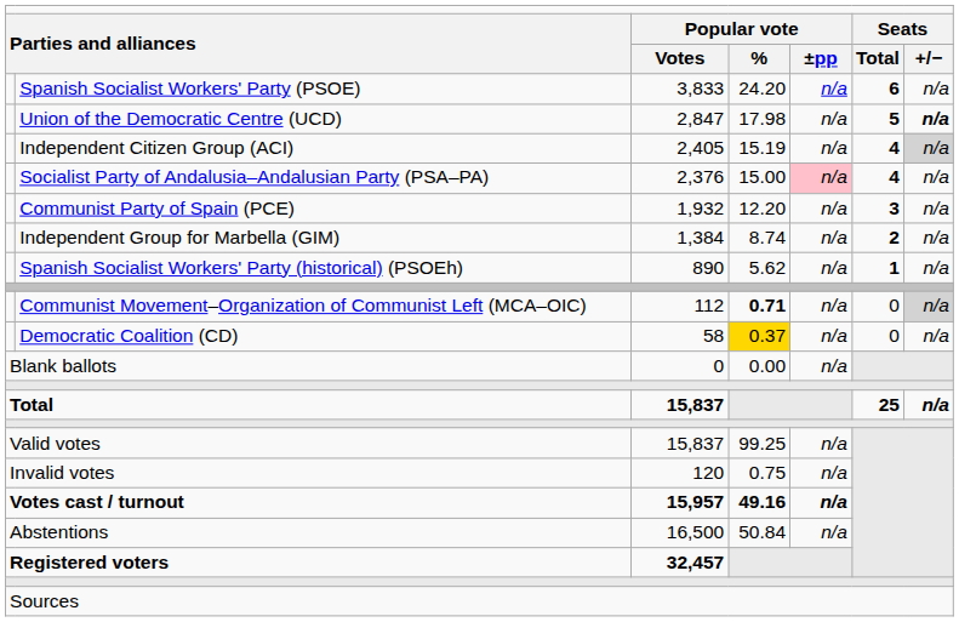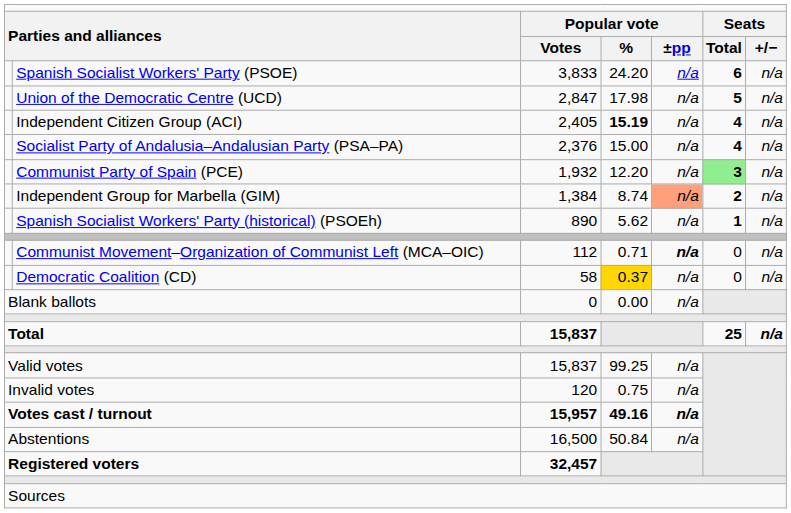 <table class="wikitable" style="text-align:right;">
 <tr>
 <td colspan="7"></td>
 </tr>
 <tr>
 <th style="text-align:left;" rowspan="2" colspan="2" width="525">Parties and alliances</th>
 <th colspan="3">Popular vote</th>
 <th colspan="2">Seats</th>
 </tr>
 <tr>
 <th width="75">Votes</th>
 <th width="45">%</th>
 <th width="45">±<a href='#'>pp</a></th>
 <th width="35">Total</th>
 <th width="35">+/−</th>
 </tr>
 <tr>
 <td width="1" style="color:inherit;background:"></td>
 <td align="left"><a href='#'>Spanish Socialist Workers' Party</a> (PSOE)</td>
 <td>3,833</td>
 <td>24.20</td>
 <td><em><a href='#'>n/a</a></em></td>
 <td><strong>6</strong></td>
 <td><em>n/a</em></td>
 </tr>
 <tr>
 <td style="color:inherit;background:"></td>
 <td align="left"><a href='#'>Union of the Democratic Centre</a> (UCD)</td>
 <td>2,847</td>
 <td>17.98</td>
 <td><em>n/a</em></td>
 <td><strong>5</strong></td>
-<td><strong><em>n/a</em></strong></td>
+<td><em>n/a</em></td>
 </tr>
 <tr>
 <td style="color:inherit;background:"></td>
 <td align="left">Independent Citizen Group (ACI)</td>
 <td>2,405</td>
-<td>15.19</td>
+<td><strong>15.19</strong></td>
 <td><em>n/a</em></td>
 <td><strong>4</strong></td>
-<td style="background: lightgrey;"><em>n/a</em></td>
+<td><em>n/a</em></td>
 </tr>
 <tr>
 <td style="color:inherit;background:"></td>
 <td align="left"><a href='#'>Socialist Party of Andalusia–Andalusian Party</a> (PSA–PA)</td>
 <td>2,376</td>
 <td>15.00</td>
-<td style="background: pink;"><em>n/a</em></td>
+<td><em>n/a</em></td>
 <td><strong>4</strong></td>
 <td><em>n/a</em></td>
 </tr>
 <tr>
 <td style="color:inherit;background:"></td>
 <td align="left"><a href='#'>Communist Party of Spain</a> (PCE)</td>
 <td>1,932</td>
 <td>12.20</td>
 <td><em>n/a</em></td>
-<td><strong>3</strong></td>
+<td style="background: lightgreen;"><strong>3</strong></td>
 <td><em>n/a</em></td>
 </tr>
 <tr>
 <td style="color:inherit;background:"></td>
 <td align="left">Independent Group for Marbella (GIM)</td>
 <td>1,384</td>
 <td>8.74</td>
-<td><em>n/a</em></td>
+<td style="background: lightsalmon;"><em>n/a</em></td>
 <td><strong>2</strong></td>
 <td><em>n/a</em></td>
 </tr>
 <tr>
 <td style="color:inherit;background:"></td>
 <td align="left"><a href='#'>Spanish Socialist Workers' Party (historical)</a> (PSOEh)</td>
 <td>890</td>
 <td>5.62</td>
 <td><em>n/a</em></td>
 <td><strong>1</strong></td>
 <td><em>n/a</em></td>
 </tr>
 <tr>
 <td colspan="7" bgcolor="#C0C0C0"></td>
 </tr>
 <tr>
 <td style="color:inherit;background:"></td>
 <td align="left"><a href='#'>Communist Movement</a>–<a href='#'>Organization of Communist Left</a> (MCA–OIC)</td>
 <td>112</td>
-<td><strong>0.71</strong></td>
+<td>0.71</td>
+<td><strong><em>n/a</em></strong></td>
+<td>0</td>
 <td><em>n/a</em></td>
-<td>0</td>
-<td style="background: lightgrey;"><em>n/a</em></td>
 </tr>
 <tr>
 <td style="color:inherit;background:"></td>
 <td align="left"><a href='#'>Democratic Coalition</a> (CD)</td>
 <td>58</td>
 <td style="background: gold;">0.37</td>
 <td><em>n/a</em></td>
 <td>0</td>
 <td><em>n/a</em></td>
 </tr>
 <tr>
 <td align="left" colspan="2">Blank ballots</td>
 <td>0</td>
 <td>0.00</td>
 <td><em>n/a</em></td>
 <td bgcolor="#E9E9E9" colspan="2"></td>
 </tr>
 <tr>
 <td colspan="7" bgcolor="#E9E9E9"></td>
 </tr>
 <tr style="font-weight:bold;">
 <td align="left" colspan="2">Total</td>
 <td>15,837</td>
 <td bgcolor="#E9E9E9" colspan="2"></td>
 <td>25</td>
 <td><em>n/a</em></td>
 </tr>
 <tr>
 <td colspan="7" bgcolor="#E9E9E9"></td>
 </tr>
 <tr>
 <td align="left" colspan="2">Valid votes</td>
 <td>15,837</td>
 <td>99.25</td>
 <td><em>n/a</em></td>
 <td bgcolor="#E9E9E9" colspan="2" rowspan="5"></td>
 </tr>
 <tr>
 <td align="left" colspan="2">Invalid votes</td>
 <td>120</td>
 <td>0.75</td>
 <td><em>n/a</em></td>
 </tr>
 <tr style="font-weight:bold;">
 <td align="left" colspan="2">Votes cast / turnout</td>
 <td>15,957</td>
 <td>49.16</td>
 <td><em>n/a</em></td>
 </tr>
 <tr>
 <td align="left" colspan="2">Abstentions</td>
 <td>16,500</td>
 <td>50.84</td>
 <td><em>n/a</em></td>
 </tr>
 <tr style="font-weight:bold;">
 <td align="left" colspan="2">Registered voters</td>
 <td>32,457</td>
 <td bgcolor="#E9E9E9" colspan="2"></td>
 </tr>
 <tr>
 <td colspan="7" bgcolor="#E9E9E9"></td>
 </tr>
 <tr>
 <td align="left" colspan="7">Sources</td>
 </tr>
 </table>
